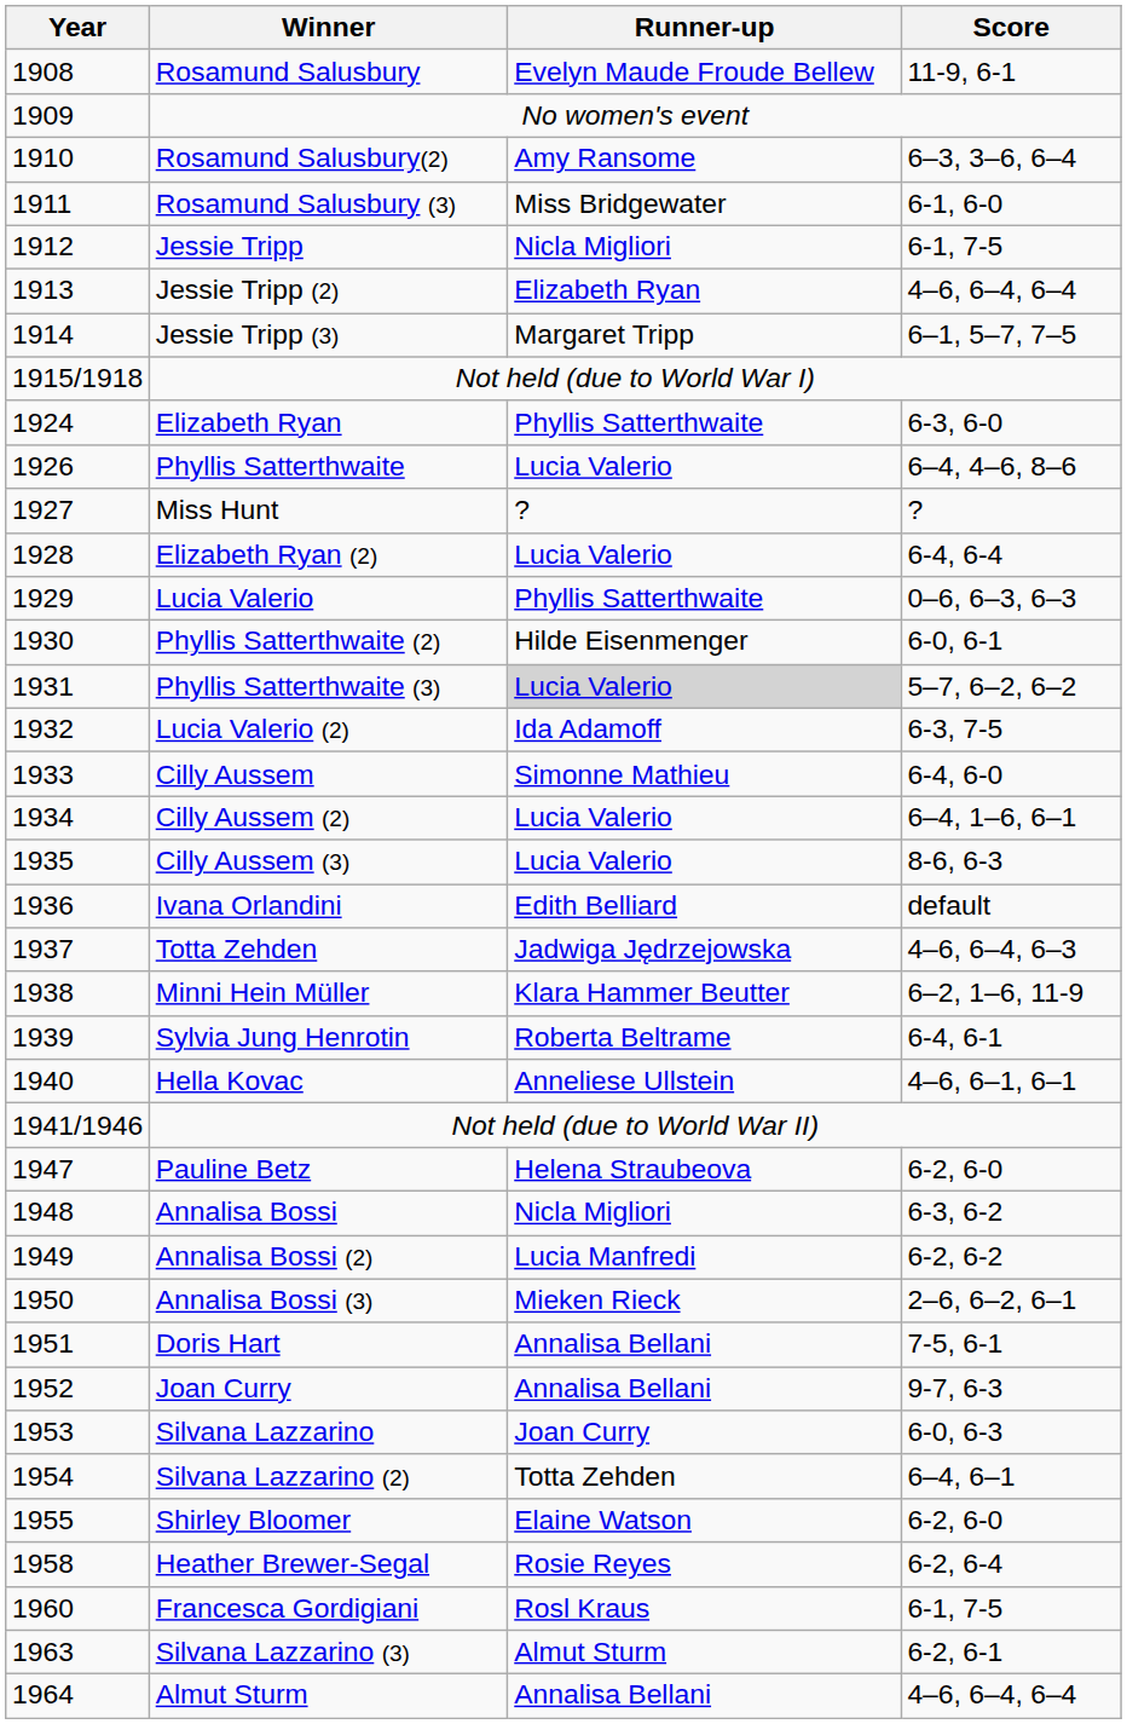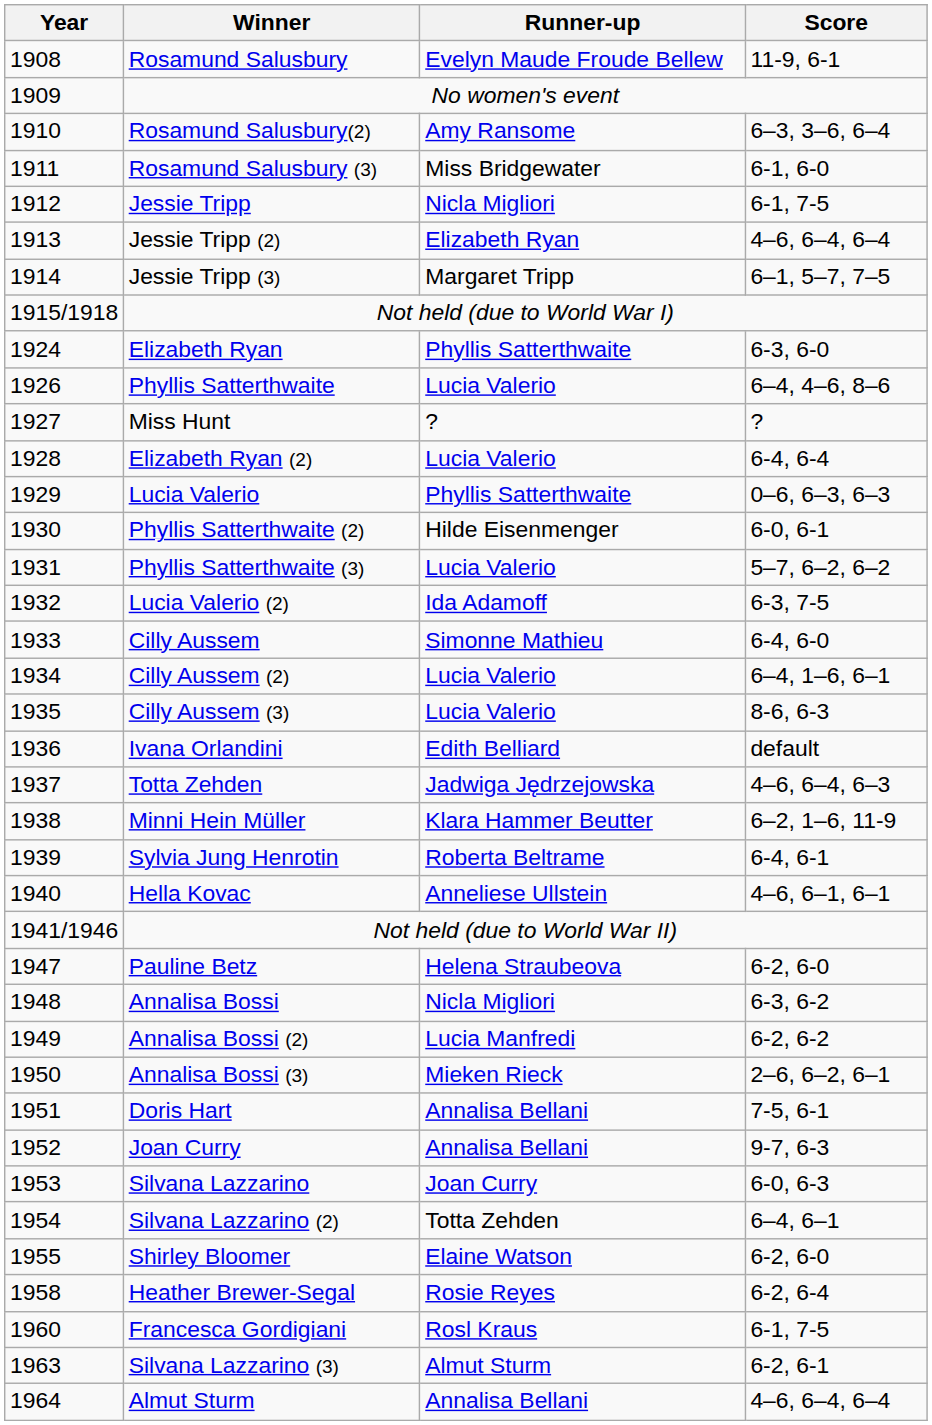 <table class="wikitable">
 <tr>
 <th style="width:60px;">Year</th>
 <th style="width:200px;">Winner</th>
 <th style="width:220px;">Runner-up</th>
 <th style="width:120px;">Score</th>
 </tr>
 <tr>
 <td>1908</td>
 <td> <a href='#'>Rosamund Salusbury</a></td>
 <td> <a href='#'>Evelyn Maude Froude Bellew</a></td>
 <td>11-9, 6-1</td>
 </tr>
 <tr>
 <td>1909</td>
 <td colspan=4 align=center><em>No women's event</em></td>
 </tr>
 <tr>
 <td>1910</td>
 <td> <a href='#'>Rosamund Salusbury</a><small>(2)</small></td>
 <td> <a href='#'>Amy Ransome</a></td>
 <td>6–3, 3–6, 6–4</td>
 </tr>
 <tr>
 <td>1911</td>
 <td> <a href='#'>Rosamund Salusbury</a> <small>(3)</small></td>
 <td> Miss Bridgewater</td>
 <td>6-1, 6-0</td>
 </tr>
 <tr>
 <td>1912</td>
 <td> <a href='#'>Jessie Tripp</a></td>
 <td> <a href='#'>Nicla Migliori</a></td>
 <td>6-1, 7-5</td>
 </tr>
 <tr>
 <td>1913</td>
 <td> Jessie Tripp <small>(2)</small></td>
 <td> <a href='#'>Elizabeth Ryan</a></td>
 <td>4–6, 6–4, 6–4</td>
 </tr>
 <tr>
 <td>1914</td>
 <td> Jessie Tripp <small>(3)</small></td>
 <td> Margaret Tripp</td>
 <td>6–1, 5–7, 7–5</td>
 </tr>
 <tr>
 <td>1915/1918</td>
 <td colspan=4 align=center><em>Not held (due to World War I)</em></td>
 </tr>
 <tr>
 <td>1924</td>
 <td> <a href='#'>Elizabeth Ryan</a></td>
 <td> <a href='#'>Phyllis Satterthwaite</a></td>
 <td>6-3, 6-0</td>
 </tr>
 <tr>
 <td>1926</td>
 <td>  <a href='#'>Phyllis Satterthwaite</a></td>
 <td> <a href='#'>Lucia Valerio</a></td>
 <td>6–4, 4–6, 8–6</td>
 </tr>
 <tr>
 <td>1927</td>
 <td> Miss Hunt</td>
 <td>?</td>
 <td>?</td>
 </tr>
 <tr>
 <td>1928</td>
 <td> <a href='#'>Elizabeth Ryan</a> <small>(2)</small></td>
 <td> <a href='#'>Lucia Valerio</a></td>
 <td>6-4, 6-4</td>
 </tr>
 <tr>
 <td>1929</td>
 <td> <a href='#'>Lucia Valerio</a></td>
 <td> <a href='#'>Phyllis Satterthwaite</a></td>
 <td>0–6, 6–3, 6–3</td>
 </tr>
 <tr>
 <td>1930</td>
 <td> <a href='#'>Phyllis Satterthwaite</a> <small>(2)</small></td>
 <td> Hilde Eisenmenger</td>
 <td>6-0, 6-1</td>
 </tr>
 <tr>
 <td>1931</td>
 <td> <a href='#'>Phyllis Satterthwaite</a> <small>(3)</small></td>
-<td style="background: lightgrey;"> <a href='#'>Lucia Valerio</a></td>
+<td> <a href='#'>Lucia Valerio</a></td>
 <td>5–7, 6–2, 6–2</td>
 </tr>
 <tr>
 <td>1932</td>
 <td> <a href='#'>Lucia Valerio</a> <small>(2)</small></td>
 <td> <a href='#'>Ida Adamoff</a></td>
 <td>6-3, 7-5</td>
 </tr>
 <tr>
 <td>1933</td>
 <td> <a href='#'>Cilly Aussem</a></td>
 <td> <a href='#'>Simonne Mathieu</a></td>
 <td>6-4, 6-0</td>
 </tr>
 <tr>
 <td>1934</td>
 <td> <a href='#'>Cilly Aussem</a> <small>(2)</small></td>
 <td>  <a href='#'>Lucia Valerio</a></td>
 <td>6–4, 1–6, 6–1</td>
 </tr>
 <tr>
 <td>1935</td>
 <td> <a href='#'>Cilly Aussem</a> <small>(3)</small></td>
 <td> <a href='#'>Lucia Valerio</a></td>
 <td>8-6, 6-3</td>
 </tr>
 <tr>
 <td>1936</td>
 <td> <a href='#'>Ivana Orlandini</a></td>
 <td> <a href='#'>Edith Belliard</a></td>
 <td>default</td>
 </tr>
 <tr>
 <td>1937</td>
 <td> <a href='#'>Totta Zehden</a></td>
 <td> <a href='#'>Jadwiga Jędrzejowska</a></td>
 <td>4–6, 6–4, 6–3</td>
 </tr>
 <tr>
 <td>1938</td>
 <td> <a href='#'>Minni Hein Müller</a></td>
 <td> <a href='#'>Klara Hammer Beutter</a></td>
 <td>6–2, 1–6, 11-9</td>
 </tr>
 <tr>
 <td>1939</td>
 <td> <a href='#'>Sylvia Jung Henrotin</a></td>
 <td> <a href='#'>Roberta Beltrame</a></td>
 <td>6-4, 6-1</td>
 </tr>
 <tr>
 <td>1940</td>
 <td> <a href='#'>Hella Kovac</a></td>
 <td> <a href='#'>Anneliese Ullstein</a></td>
 <td>4–6, 6–1, 6–1</td>
 </tr>
 <tr>
 <td>1941/1946</td>
 <td colspan=4 align=center><em>Not held (due to World War II)</em></td>
 </tr>
 <tr>
 <td>1947</td>
 <td> <a href='#'>Pauline Betz</a></td>
 <td> <a href='#'>Helena Straubeova</a></td>
 <td>6-2, 6-0</td>
 </tr>
 <tr>
 <td>1948</td>
 <td> <a href='#'>Annalisa Bossi</a></td>
 <td> <a href='#'>Nicla Migliori</a></td>
 <td>6-3, 6-2</td>
 </tr>
 <tr>
 <td>1949</td>
 <td> <a href='#'>Annalisa Bossi</a> <small>(2)</small></td>
 <td> <a href='#'>Lucia Manfredi</a></td>
 <td>6-2, 6-2</td>
 </tr>
 <tr>
 <td>1950</td>
 <td> <a href='#'>Annalisa Bossi</a> <small>(3)</small></td>
 <td> <a href='#'>Mieken Rieck</a></td>
 <td>2–6, 6–2, 6–1</td>
 </tr>
 <tr>
 <td>1951</td>
 <td> <a href='#'>Doris Hart</a></td>
 <td> <a href='#'>Annalisa Bellani</a></td>
 <td>7-5, 6-1</td>
 </tr>
 <tr>
 <td>1952</td>
 <td> <a href='#'>Joan Curry</a></td>
 <td> <a href='#'>Annalisa Bellani</a></td>
 <td>9-7, 6-3</td>
 </tr>
 <tr>
 <td>1953</td>
 <td> <a href='#'>Silvana Lazzarino</a></td>
 <td> <a href='#'>Joan Curry</a></td>
 <td>6-0, 6-3</td>
 </tr>
 <tr>
 <td>1954</td>
 <td> <a href='#'>Silvana Lazzarino</a> <small>(2)</small></td>
 <td> Totta Zehden</td>
 <td>6–4, 6–1</td>
 </tr>
 <tr>
 <td>1955</td>
 <td> <a href='#'>Shirley Bloomer</a></td>
 <td> <a href='#'>Elaine Watson</a></td>
 <td>6-2, 6-0</td>
 </tr>
 <tr>
 <td>1958</td>
 <td> <a href='#'>Heather Brewer-Segal</a></td>
 <td> <a href='#'>Rosie Reyes</a></td>
 <td>6-2, 6-4</td>
 </tr>
 <tr>
 <td>1960</td>
 <td> <a href='#'>Francesca Gordigiani</a></td>
 <td> <a href='#'>Rosl Kraus</a></td>
 <td>6-1, 7-5</td>
 </tr>
 <tr>
 <td>1963</td>
 <td> <a href='#'>Silvana Lazzarino</a> <small>(3)</small></td>
 <td> <a href='#'>Almut Sturm</a></td>
 <td>6-2, 6-1</td>
 </tr>
 <tr>
 <td>1964</td>
 <td> <a href='#'>Almut Sturm</a></td>
 <td> <a href='#'>Annalisa Bellani</a></td>
 <td>4–6, 6–4, 6–4</td>
 </tr>
 </table>
